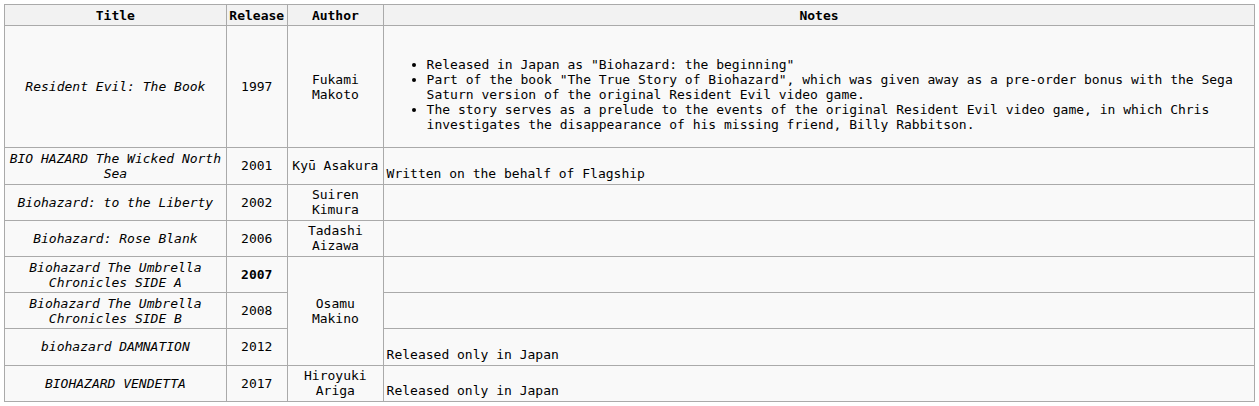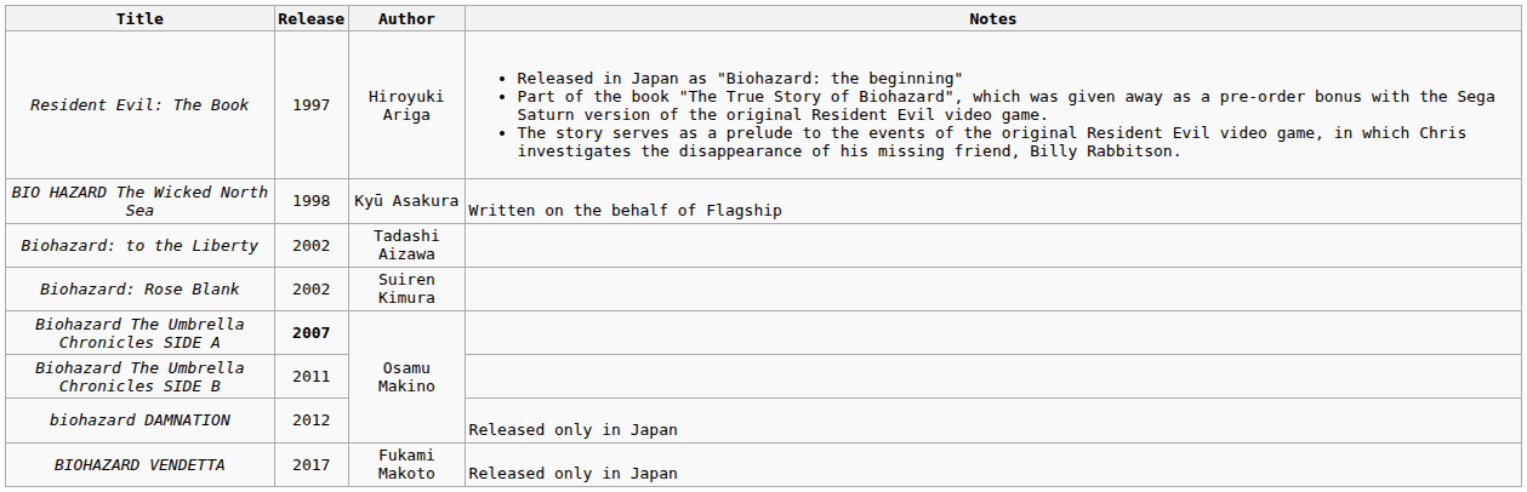 <table class="wikitable">
 <tr>
 <th scope="col">Title</th>
 <th scope="col">Release</th>
 <th scope="col">Author</th>
 <th scope="col">Notes</th>
 </tr>
 <tr style="text-align: center;">
 <td><em>Resident Evil: The Book</em></td>
 <td>1997</td>
-<td>Fukami Makoto</td>
+<td>Hiroyuki Ariga</td>
 <td style="text-align: left;"><br><ul><li>Released in Japan as "Biohazard: the beginning"</li><li>Part of the book "The True Story of Biohazard", which was given away as a pre-order bonus with the Sega Saturn version of the original Resident Evil video game.</li><li>The story serves as a prelude to the events of the original Resident Evil video game, in which Chris investigates the disappearance of his missing friend, Billy Rabbitson.</li></ul></td>
 </tr>
 <tr style="text-align: center;">
 <td><em>BIO HAZARD The Wicked North Sea</em></td>
-<td>2001</td>
+<td>1998</td>
 <td>Kyū Asakura</td>
 <td style="text-align: left;"><br>Written on the behalf of Flagship</td>
 </tr>
 <tr style="text-align: center;">
 <td><em>Biohazard: to the Liberty</em></td>
 <td>2002</td>
-<td>Suiren Kimura</td>
+<td>Tadashi Aizawa</td>
 <td style="text-align: left;"></td>
 </tr>
 <tr style="text-align: center;">
 <td><em>Biohazard: Rose Blank</em></td>
-<td>2006</td>
-<td>Tadashi Aizawa</td>
+<td>2002</td>
+<td>Suiren Kimura</td>
 <td style="text-align: left;"></td>
 </tr>
 <tr style="text-align: center;">
 <td><em>Biohazard The Umbrella Chronicles SIDE A</em></td>
 <td><strong>2007</strong></td>
 <td rowspan="3">Osamu Makino</td>
 <td style="text-align: left;"></td>
 </tr>
 <tr style="text-align: center;">
 <td><em>Biohazard The Umbrella Chronicles SIDE B</em></td>
-<td>2008</td>
+<td>2011</td>
 <td style="text-align: left;"></td>
 </tr>
 <tr style="text-align: center;">
 <td><em>biohazard DAMNATION</em></td>
 <td>2012</td>
 <td style="text-align: left;"><br>Released only in Japan</td>
 </tr>
 <tr style="text-align: center;">
 <td><em>BIOHAZARD VENDETTA</em></td>
 <td>2017</td>
-<td>Hiroyuki Ariga</td>
+<td>Fukami Makoto</td>
 <td style="text-align: left;"><br>Released only in Japan</td>
 </tr>
 </table>
